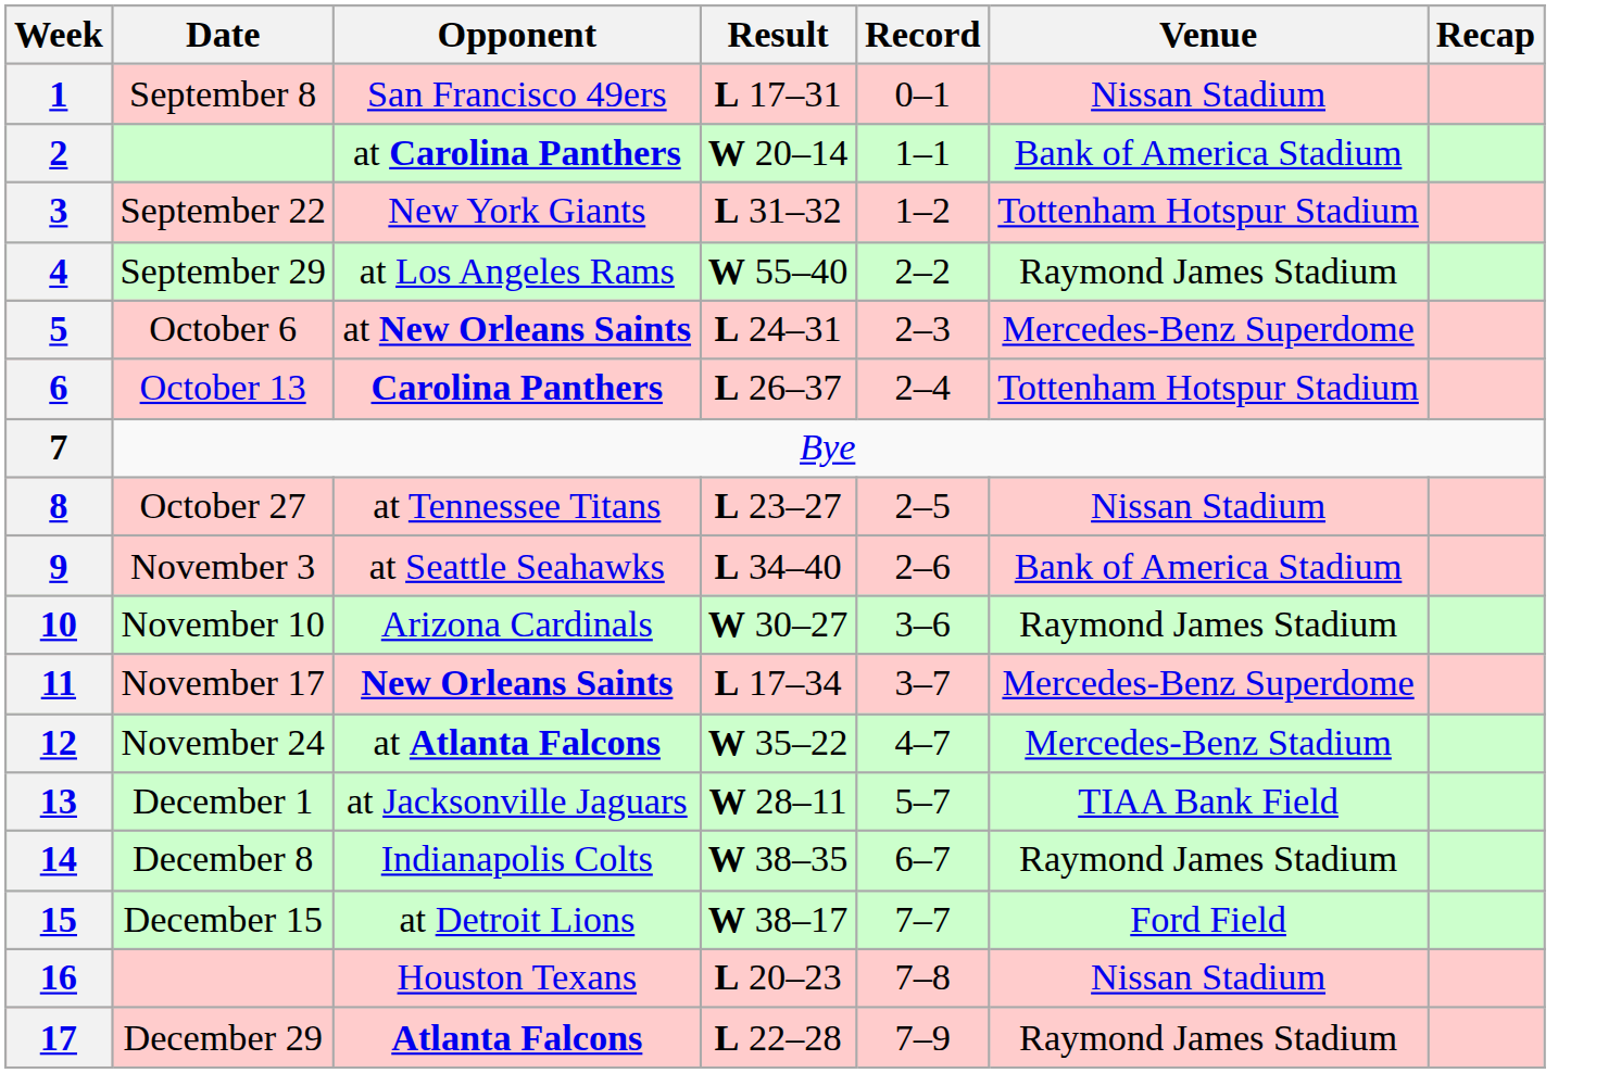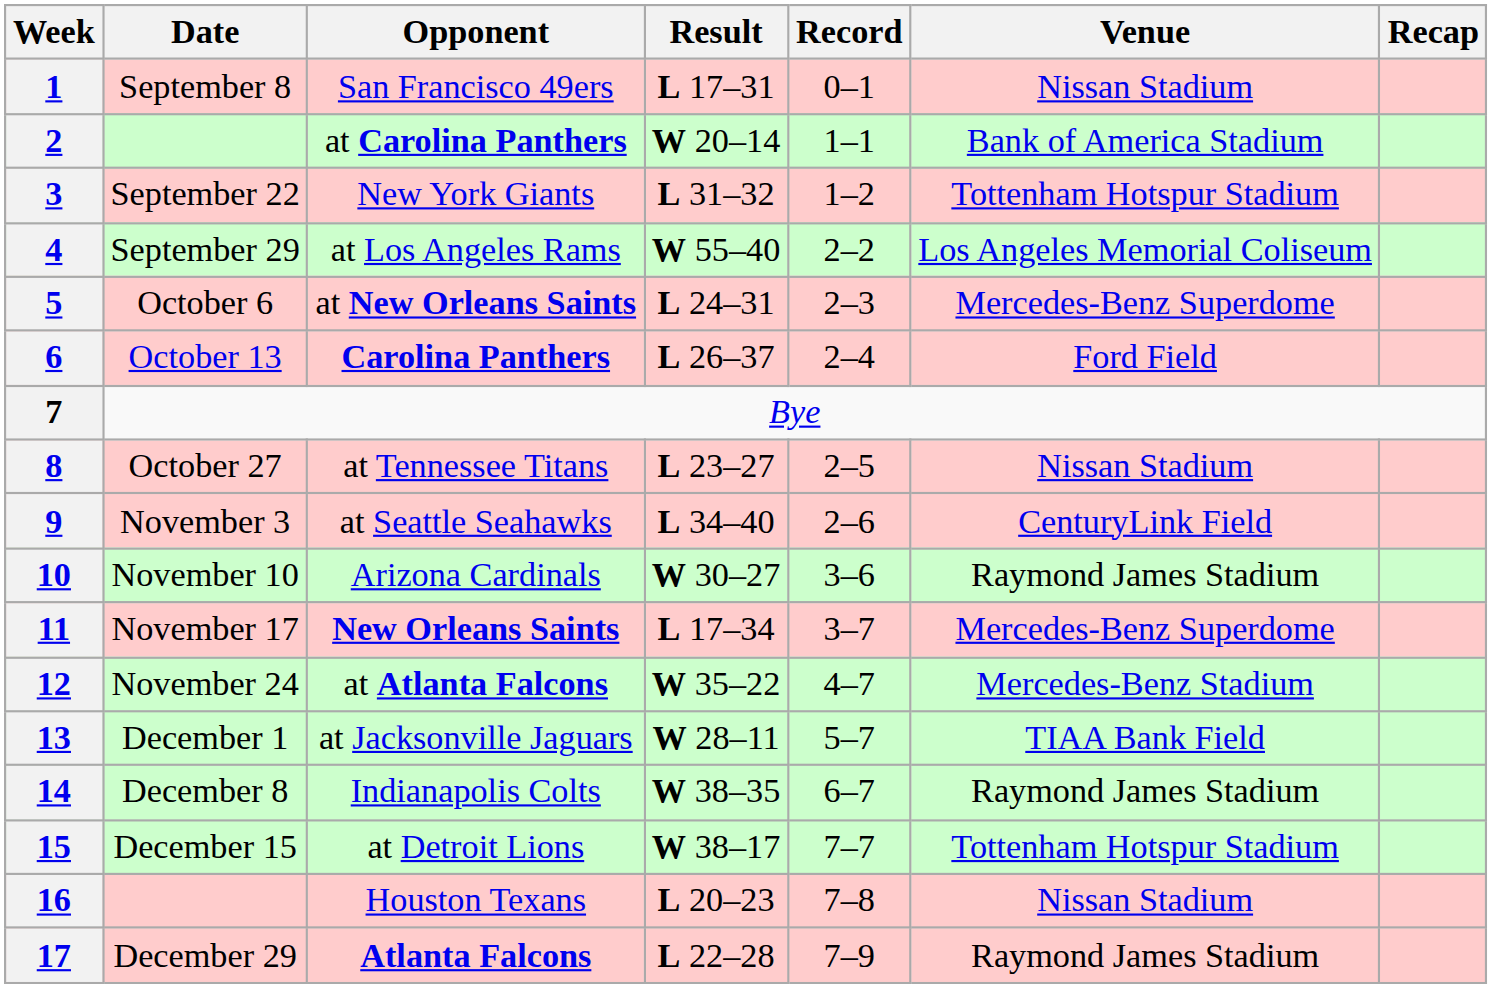 <table class="wikitable" style="text-align:center">
 <tr>
 <th>Week</th>
 <th>Date</th>
 <th>Opponent</th>
 <th>Result</th>
 <th>Record</th>
 <th>Venue</th>
 <th>Recap</th>
 </tr>
 <tr style="background:#fcc">
 <th><a href='#'>1</a></th>
 <td>September 8</td>
 <td><a href='#'>San Francisco 49ers</a></td>
 <td><strong>L</strong> 17–31</td>
 <td>0–1</td>
 <td><a href='#'>Nissan Stadium</a></td>
 <td></td>
 </tr>
 <tr style="background:#cfc">
 <th><a href='#'>2</a></th>
 <td></td>
 <td>at <strong><a href='#'>Carolina Panthers</a></strong></td>
 <td><strong>W</strong> 20–14</td>
 <td>1–1</td>
 <td><a href='#'>Bank of America Stadium</a></td>
 <td></td>
 </tr>
 <tr style="background:#fcc">
 <th><a href='#'>3</a></th>
 <td>September 22</td>
 <td><a href='#'>New York Giants</a></td>
 <td><strong>L</strong> 31–32</td>
 <td>1–2</td>
 <td> <a href='#'>Tottenham Hotspur Stadium</a> </td>
 <td></td>
 </tr>
 <tr style="background:#cfc">
 <th><a href='#'>4</a></th>
 <td>September 29</td>
 <td>at <a href='#'>Los Angeles Rams</a></td>
 <td><strong>W</strong> 55–40</td>
 <td>2–2</td>
-<td>Raymond James Stadium</td>
+<td><a href='#'>Los Angeles Memorial Coliseum</a></td>
 <td></td>
 </tr>
 <tr style="background:#fcc">
 <th><a href='#'>5</a></th>
 <td>October 6</td>
 <td>at <strong><a href='#'>New Orleans Saints</a></strong></td>
 <td><strong>L</strong> 24–31</td>
 <td>2–3</td>
 <td><a href='#'>Mercedes-Benz Superdome</a></td>
 <td></td>
 </tr>
 <tr style="background:#fcc">
 <th><a href='#'>6</a></th>
 <td><a href='#'>October 13</a></td>
 <td><strong><a href='#'>Carolina Panthers</a></strong></td>
 <td><strong>L</strong> 26–37</td>
 <td>2–4</td>
-<td> <a href='#'>Tottenham Hotspur Stadium</a> </td>
+<td><a href='#'>Ford Field</a></td>
 <td></td>
 </tr>
 <tr>
 <th>7</th>
 <td colspan="6"><em><a href='#'>Bye</a></em></td>
 </tr>
 <tr style="background:#fcc">
 <th><a href='#'>8</a></th>
 <td>October 27</td>
 <td>at <a href='#'>Tennessee Titans</a></td>
 <td><strong>L</strong> 23–27</td>
 <td>2–5</td>
 <td><a href='#'>Nissan Stadium</a></td>
 <td></td>
 </tr>
 <tr style="background:#fcc">
 <th><a href='#'>9</a></th>
 <td>November 3</td>
 <td>at <a href='#'>Seattle Seahawks</a></td>
 <td><strong>L</strong> 34–40 </td>
 <td>2–6</td>
-<td><a href='#'>Bank of America Stadium</a></td>
+<td><a href='#'>CenturyLink Field</a></td>
 <td></td>
 </tr>
 <tr style="background:#cfc">
 <th><a href='#'>10</a></th>
 <td>November 10</td>
 <td><a href='#'>Arizona Cardinals</a></td>
 <td><strong>W</strong> 30–27</td>
 <td>3–6</td>
 <td>Raymond James Stadium</td>
 <td></td>
 </tr>
 <tr style="background:#fcc">
 <th><a href='#'>11</a></th>
 <td>November 17</td>
 <td><strong><a href='#'>New Orleans Saints</a></strong></td>
 <td><strong>L</strong> 17–34</td>
 <td>3–7</td>
 <td><a href='#'>Mercedes-Benz Superdome</a></td>
 <td></td>
 </tr>
 <tr style="background:#cfc">
 <th><a href='#'>12</a></th>
 <td>November 24</td>
 <td>at <strong><a href='#'>Atlanta Falcons</a></strong></td>
 <td><strong>W</strong> 35–22</td>
 <td>4–7</td>
 <td><a href='#'>Mercedes-Benz Stadium</a></td>
 <td></td>
 </tr>
 <tr style="background:#cfc">
 <th><a href='#'>13</a></th>
 <td>December 1</td>
 <td>at <a href='#'>Jacksonville Jaguars</a></td>
 <td><strong>W</strong> 28–11</td>
 <td>5–7</td>
 <td><a href='#'>TIAA Bank Field</a></td>
 <td></td>
 </tr>
 <tr style="background:#cfc">
 <th><a href='#'>14</a></th>
 <td>December 8</td>
 <td><a href='#'>Indianapolis Colts</a></td>
 <td><strong>W</strong> 38–35</td>
 <td>6–7</td>
 <td>Raymond James Stadium</td>
 <td></td>
 </tr>
 <tr style="background:#cfc">
 <th><a href='#'>15</a></th>
 <td>December 15</td>
 <td>at <a href='#'>Detroit Lions</a></td>
 <td><strong>W</strong> 38–17</td>
 <td>7–7</td>
-<td><a href='#'>Ford Field</a></td>
+<td> <a href='#'>Tottenham Hotspur Stadium</a> </td>
 <td></td>
 </tr>
 <tr style="background:#fcc">
 <th><a href='#'>16</a></th>
 <td></td>
 <td><a href='#'>Houston Texans</a></td>
 <td><strong>L</strong> 20–23</td>
 <td>7–8</td>
 <td><a href='#'>Nissan Stadium</a></td>
 <td></td>
 </tr>
 <tr style="background:#fcc">
 <th><a href='#'>17</a></th>
 <td>December 29</td>
 <td><strong><a href='#'>Atlanta Falcons</a></strong></td>
 <td><strong>L</strong> 22–28 </td>
 <td>7–9</td>
 <td>Raymond James Stadium</td>
 <td></td>
 </tr>
 </table>
